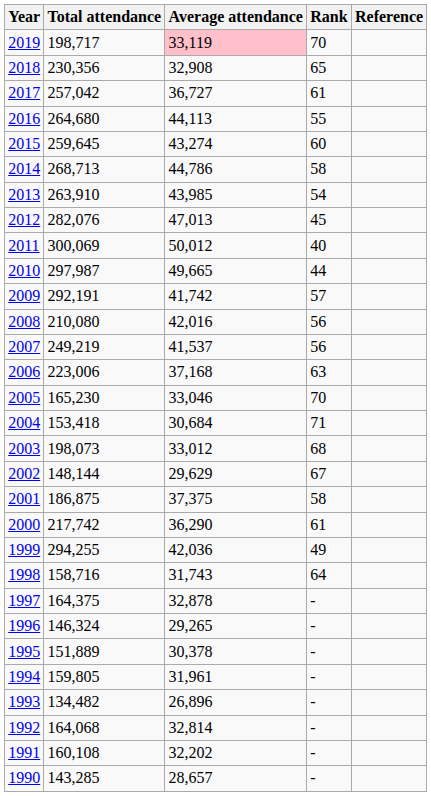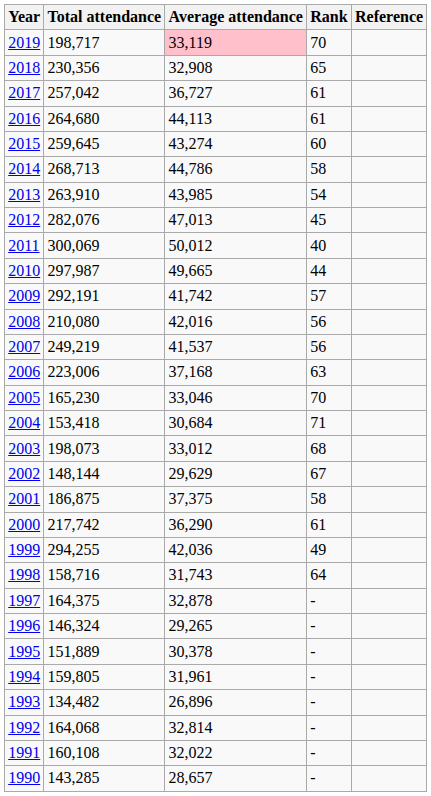 <table class="wikitable">
 <tr>
 <th>Year</th>
 <th>Total attendance</th>
 <th>Average attendance</th>
 <th>Rank</th>
 <th>Reference</th>
 </tr>
 <tr>
 <td><a href='#'>2019</a></td>
 <td>198,717</td>
 <td style="background: pink;">33,119</td>
 <td>70</td>
 <td></td>
 </tr>
 <tr>
 <td><a href='#'>2018</a></td>
 <td>230,356</td>
 <td>32,908</td>
 <td>65</td>
 <td></td>
 </tr>
 <tr>
 <td><a href='#'>2017</a></td>
 <td>257,042</td>
 <td>36,727</td>
 <td>61</td>
 <td></td>
 </tr>
 <tr>
 <td><a href='#'>2016</a></td>
 <td>264,680</td>
 <td>44,113</td>
-<td>55</td>
+<td>61</td>
 <td></td>
 </tr>
 <tr>
 <td><a href='#'>2015</a></td>
 <td>259,645</td>
 <td>43,274</td>
 <td>60</td>
 <td></td>
 </tr>
 <tr>
 <td><a href='#'>2014</a></td>
 <td>268,713</td>
 <td>44,786</td>
 <td>58</td>
 <td></td>
 </tr>
 <tr>
 <td><a href='#'>2013</a></td>
 <td>263,910</td>
 <td>43,985</td>
 <td>54</td>
 <td></td>
 </tr>
 <tr>
 <td><a href='#'>2012</a></td>
 <td>282,076</td>
 <td>47,013</td>
 <td>45</td>
 <td></td>
 </tr>
 <tr>
 <td><a href='#'>2011</a></td>
 <td>300,069</td>
 <td>50,012</td>
 <td>40</td>
 <td></td>
 </tr>
 <tr>
 <td><a href='#'>2010</a></td>
 <td>297,987</td>
 <td>49,665</td>
 <td>44</td>
 <td></td>
 </tr>
 <tr>
 <td><a href='#'>2009</a></td>
 <td>292,191</td>
 <td>41,742</td>
 <td>57</td>
 <td></td>
 </tr>
 <tr>
 <td><a href='#'>2008</a></td>
 <td>210,080</td>
 <td>42,016</td>
 <td>56</td>
 <td></td>
 </tr>
 <tr>
 <td><a href='#'>2007</a></td>
 <td>249,219</td>
 <td>41,537</td>
 <td>56</td>
 <td></td>
 </tr>
 <tr>
 <td><a href='#'>2006</a></td>
 <td>223,006</td>
 <td>37,168</td>
 <td>63</td>
 <td></td>
 </tr>
 <tr>
 <td><a href='#'>2005</a></td>
 <td>165,230</td>
 <td>33,046</td>
 <td>70</td>
 <td></td>
 </tr>
 <tr>
 <td><a href='#'>2004</a></td>
 <td>153,418</td>
 <td>30,684</td>
 <td>71</td>
 <td></td>
 </tr>
 <tr>
 <td><a href='#'>2003</a></td>
 <td>198,073</td>
 <td>33,012</td>
 <td>68</td>
 <td></td>
 </tr>
 <tr>
 <td><a href='#'>2002</a></td>
 <td>148,144</td>
 <td>29,629</td>
 <td>67</td>
 <td></td>
 </tr>
 <tr>
 <td><a href='#'>2001</a></td>
 <td>186,875</td>
 <td>37,375</td>
 <td>58</td>
 <td></td>
 </tr>
 <tr>
 <td><a href='#'>2000</a></td>
 <td>217,742</td>
 <td>36,290</td>
 <td>61</td>
 <td></td>
 </tr>
 <tr>
 <td><a href='#'>1999</a></td>
 <td>294,255</td>
 <td>42,036</td>
 <td>49</td>
 <td></td>
 </tr>
 <tr>
 <td><a href='#'>1998</a></td>
 <td>158,716</td>
 <td>31,743</td>
 <td>64</td>
 <td></td>
 </tr>
 <tr>
 <td><a href='#'>1997</a></td>
 <td>164,375</td>
 <td>32,878</td>
 <td>-</td>
 <td></td>
 </tr>
 <tr>
 <td><a href='#'>1996</a></td>
 <td>146,324</td>
 <td>29,265</td>
 <td>-</td>
 <td></td>
 </tr>
 <tr>
 <td><a href='#'>1995</a></td>
 <td>151,889</td>
 <td>30,378</td>
 <td>-</td>
 <td></td>
 </tr>
 <tr>
 <td><a href='#'>1994</a></td>
 <td>159,805</td>
 <td>31,961</td>
 <td>-</td>
 <td></td>
 </tr>
 <tr>
 <td><a href='#'>1993</a></td>
 <td>134,482</td>
 <td>26,896</td>
 <td>-</td>
 <td></td>
 </tr>
 <tr>
 <td><a href='#'>1992</a></td>
 <td>164,068</td>
 <td>32,814</td>
 <td>-</td>
 <td></td>
 </tr>
 <tr>
 <td><a href='#'>1991</a></td>
 <td>160,108</td>
-<td>32,202</td>
+<td>32,022</td>
 <td>-</td>
 <td></td>
 </tr>
 <tr>
 <td><a href='#'>1990</a></td>
 <td>143,285</td>
 <td>28,657</td>
 <td>-</td>
 <td></td>
 </tr>
 </table>
